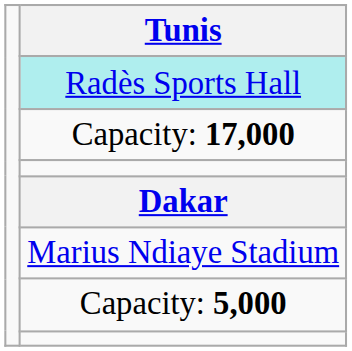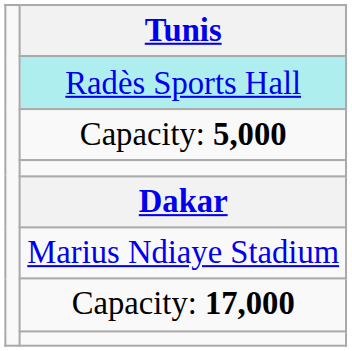 <table class="wikitable" style="margin:1em auto; text-align:center">
 <tr>
 <td rowspan="8"></td>
 <th> <a href='#'>Tunis</a></th>
 </tr>
 <tr>
 <td style="background: paleturquoise;"><a href='#'>Radès Sports Hall</a></td>
 </tr>
 <tr>
-<td>Capacity: <strong>17,000</strong></td>
+<td>Capacity: <strong>5,000</strong></td>
 </tr>
 <tr>
 <td></td>
 </tr>
 <tr>
 <th> <a href='#'>Dakar</a></th>
 </tr>
 <tr>
 <td><a href='#'>Marius Ndiaye Stadium</a></td>
 </tr>
 <tr>
-<td>Capacity: <strong>5,000</strong></td>
+<td>Capacity: <strong>17,000</strong></td>
 </tr>
 <tr>
 <td></td>
 </tr>
 </table>
